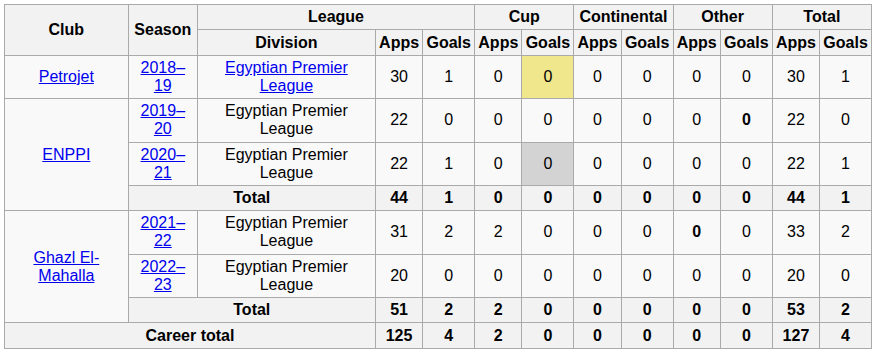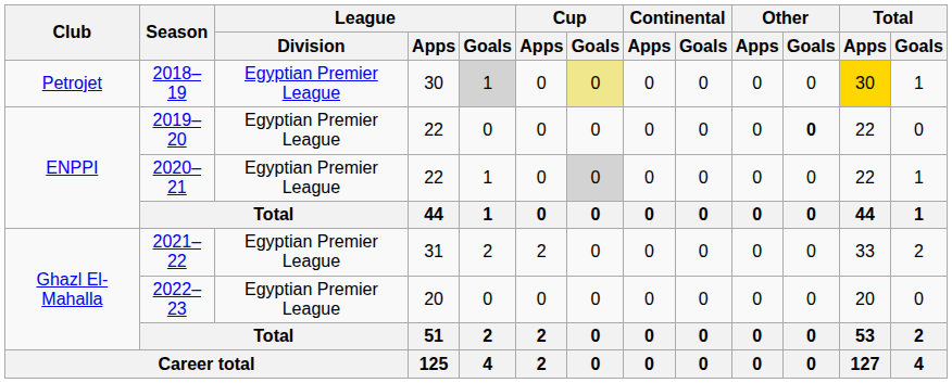 <table class="wikitable" style="text-align: center">
 <tr>
 <th rowspan="2">Club</th>
 <th rowspan="2">Season</th>
 <th colspan="3">League</th>
 <th colspan="2">Cup</th>
 <th colspan="2">Continental</th>
 <th colspan="2">Other</th>
 <th colspan="2">Total</th>
 </tr>
 <tr>
 <th>Division</th>
 <th>Apps</th>
 <th>Goals</th>
 <th>Apps</th>
 <th>Goals</th>
 <th>Apps</th>
 <th>Goals</th>
 <th>Apps</th>
 <th>Goals</th>
 <th>Apps</th>
 <th>Goals</th>
 </tr>
 <tr>
 <td><a href='#'>Petrojet</a></td>
 <td><a href='#'>2018–19</a></td>
 <td><a href='#'>Egyptian Premier League</a></td>
 <td>30</td>
-<td>1</td>
+<td style="background: lightgrey;">1</td>
 <td>0</td>
 <td style="background: khaki;">0</td>
 <td>0</td>
 <td>0</td>
 <td>0</td>
 <td>0</td>
-<td>30</td>
+<td style="background: gold;">30</td>
 <td>1</td>
 </tr>
 <tr>
 <td rowspan=3><a href='#'>ENPPI</a></td>
 <td><a href='#'>2019–20</a></td>
 <td>Egyptian Premier League</td>
 <td>22</td>
 <td>0</td>
 <td>0</td>
 <td>0</td>
 <td>0</td>
 <td>0</td>
 <td>0</td>
 <td><strong>0</strong></td>
 <td>22</td>
 <td>0</td>
 </tr>
 <tr>
 <td><a href='#'>2020–21</a></td>
 <td>Egyptian Premier League</td>
 <td>22</td>
 <td>1</td>
 <td>0</td>
 <td style="background: lightgrey;">0</td>
 <td>0</td>
 <td>0</td>
 <td>0</td>
 <td>0</td>
 <td>22</td>
 <td>1</td>
 </tr>
 <tr>
 <th colspan="2"><strong>Total</strong></th>
 <th>44</th>
 <th>1</th>
 <th>0</th>
 <th>0</th>
 <th>0</th>
 <th>0</th>
 <th>0</th>
 <th>0</th>
 <th>44</th>
 <th>1</th>
 </tr>
 <tr>
 <td rowspan=3><a href='#'>Ghazl El-Mahalla</a></td>
 <td><a href='#'>2021–22</a></td>
 <td>Egyptian Premier League</td>
 <td>31</td>
 <td>2</td>
 <td>2</td>
 <td>0</td>
 <td>0</td>
 <td>0</td>
-<td><strong>0</strong></td>
+<td>0</td>
 <td>0</td>
 <td>33</td>
 <td>2</td>
 </tr>
 <tr>
 <td><a href='#'>2022–23</a></td>
 <td>Egyptian Premier League</td>
 <td>20</td>
 <td>0</td>
 <td>0</td>
 <td>0</td>
 <td>0</td>
 <td>0</td>
 <td>0</td>
 <td>0</td>
 <td>20</td>
 <td>0</td>
 </tr>
 <tr>
 <th colspan="2"><strong>Total</strong></th>
 <th>51</th>
 <th>2</th>
 <th>2</th>
 <th>0</th>
 <th>0</th>
 <th>0</th>
 <th>0</th>
 <th>0</th>
 <th>53</th>
 <th>2</th>
 </tr>
 <tr>
 <th colspan="3"><strong>Career total</strong></th>
 <th>125</th>
 <th>4</th>
 <th>2</th>
 <th>0</th>
 <th>0</th>
 <th>0</th>
 <th>0</th>
 <th>0</th>
 <th>127</th>
 <th>4</th>
 </tr>
 </table>
